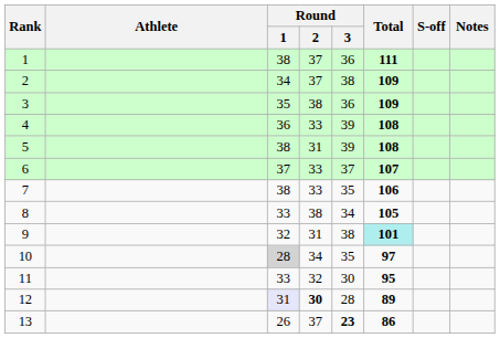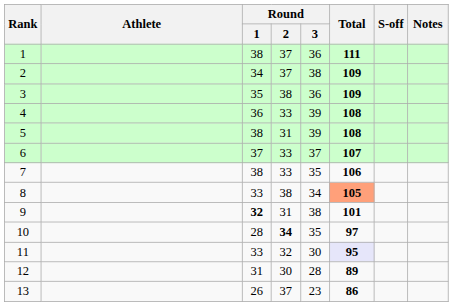 <table class="wikitable" style="text-align:center">
 <tr>
 <th rowspan=2 width=40>Rank</th>
 <th rowspan=2 width=250>Athlete</th>
 <th colspan=3>Round</th>
 <th rowspan=2 width=50>Total</th>
 <th rowspan=2 width=35>S-off</th>
 <th rowspan=2 width=45>Notes</th>
 </tr>
 <tr>
 <th width=30>1</th>
 <th width=30>2</th>
 <th width=30>3</th>
 </tr>
 <tr bgcolor=ccffcc>
 <td>1</td>
 <td align=left></td>
 <td>38</td>
 <td>37</td>
 <td>36</td>
 <td><strong>111</strong></td>
 <td></td>
 <td></td>
 </tr>
 <tr bgcolor=ccffcc>
 <td>2</td>
 <td align=left></td>
 <td>34</td>
 <td>37</td>
 <td>38</td>
 <td><strong>109</strong></td>
 <td></td>
 <td></td>
 </tr>
 <tr bgcolor=ccffcc>
 <td>3</td>
 <td align=left></td>
 <td>35</td>
 <td>38</td>
 <td>36</td>
 <td><strong>109</strong></td>
 <td></td>
 <td></td>
 </tr>
 <tr bgcolor=ccffcc>
 <td>4</td>
 <td align=left></td>
 <td>36</td>
 <td>33</td>
 <td>39</td>
 <td><strong>108</strong></td>
 <td></td>
 <td></td>
 </tr>
 <tr bgcolor=ccffcc>
 <td>5</td>
 <td align=left></td>
 <td>38</td>
 <td>31</td>
 <td>39</td>
 <td><strong>108</strong></td>
 <td></td>
 <td></td>
 </tr>
 <tr bgcolor=ccffcc>
 <td>6</td>
 <td align=left></td>
 <td>37</td>
 <td>33</td>
 <td>37</td>
 <td><strong>107</strong></td>
 <td></td>
 <td></td>
 </tr>
 <tr>
 <td>7</td>
 <td align=left></td>
 <td>38</td>
 <td>33</td>
 <td>35</td>
 <td><strong>106</strong></td>
 <td></td>
 <td></td>
 </tr>
 <tr>
 <td>8</td>
 <td align=left></td>
 <td>33</td>
 <td>38</td>
 <td>34</td>
-<td><strong>105</strong></td>
+<td style="background: lightsalmon;"><strong>105</strong></td>
 <td></td>
 <td></td>
 </tr>
 <tr>
 <td>9</td>
 <td align=left></td>
-<td>32</td>
+<td><strong>32</strong></td>
 <td>31</td>
 <td>38</td>
-<td style="background: paleturquoise;"><strong>101</strong></td>
+<td><strong>101</strong></td>
 <td></td>
 <td></td>
 </tr>
 <tr>
 <td>10</td>
 <td align=left></td>
-<td style="background: lightgrey;">28</td>
-<td>34</td>
+<td>28</td>
+<td><strong>34</strong></td>
 <td>35</td>
 <td><strong>97</strong></td>
 <td></td>
 <td></td>
 </tr>
 <tr>
 <td>11</td>
 <td align=left></td>
 <td>33</td>
 <td>32</td>
 <td>30</td>
-<td><strong>95</strong></td>
+<td style="background: lavender;"><strong>95</strong></td>
 <td></td>
 <td></td>
 </tr>
 <tr>
 <td>12</td>
 <td align=left></td>
-<td style="background: lavender;">31</td>
-<td><strong>30</strong></td>
+<td>31</td>
+<td>30</td>
 <td>28</td>
 <td><strong>89</strong></td>
 <td></td>
 <td></td>
 </tr>
 <tr>
 <td>13</td>
 <td align=left></td>
 <td>26</td>
 <td>37</td>
-<td><strong>23</strong></td>
+<td>23</td>
 <td><strong>86</strong></td>
 <td></td>
 <td></td>
 </tr>
 </table>
